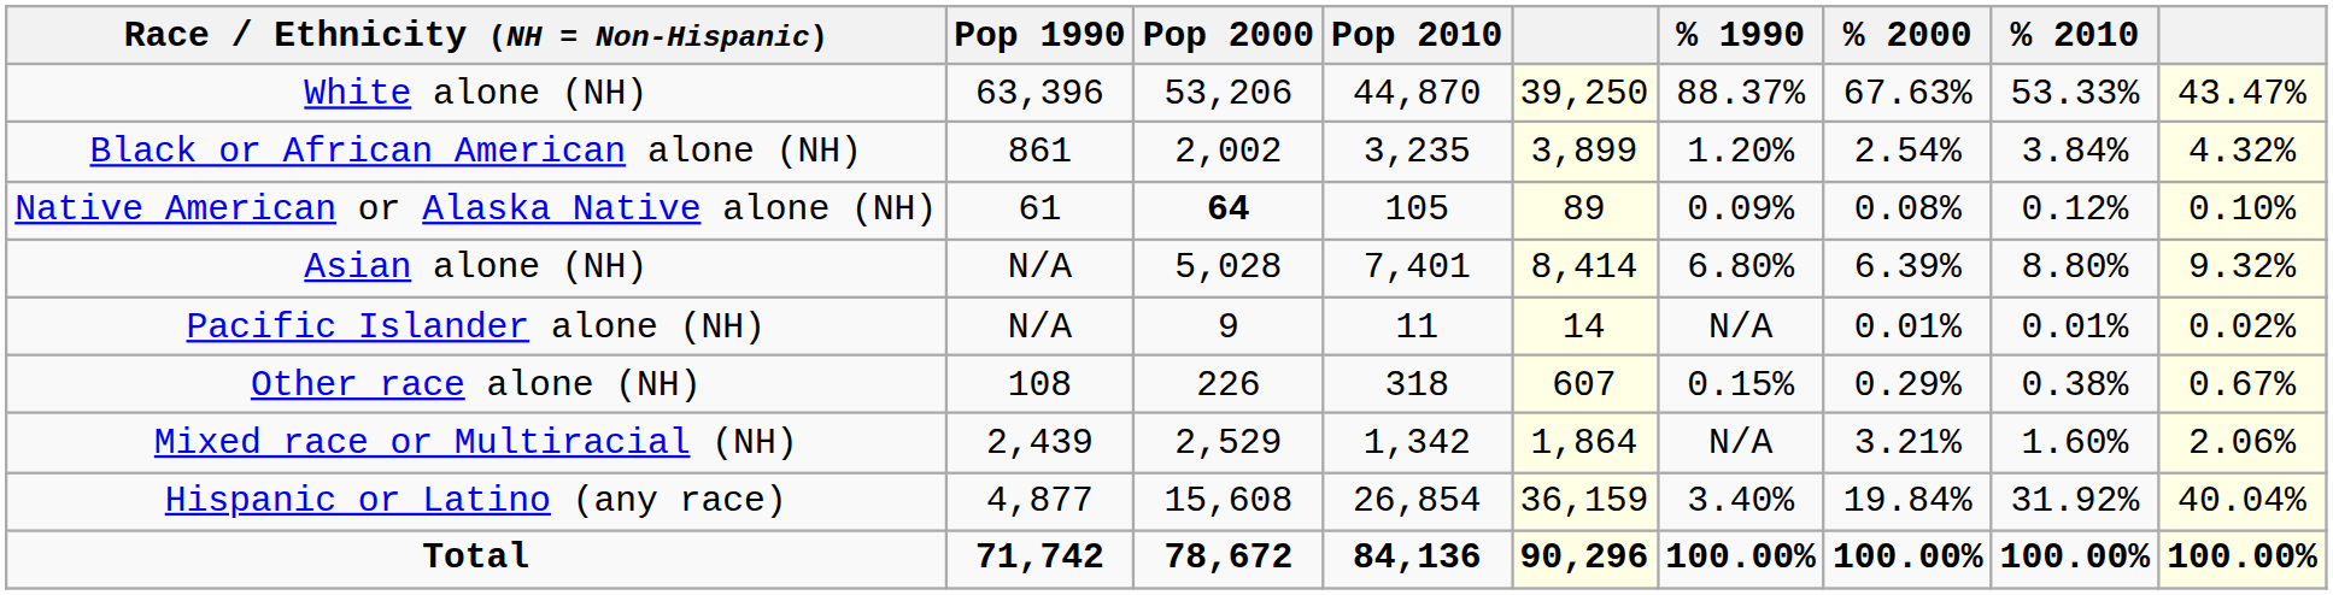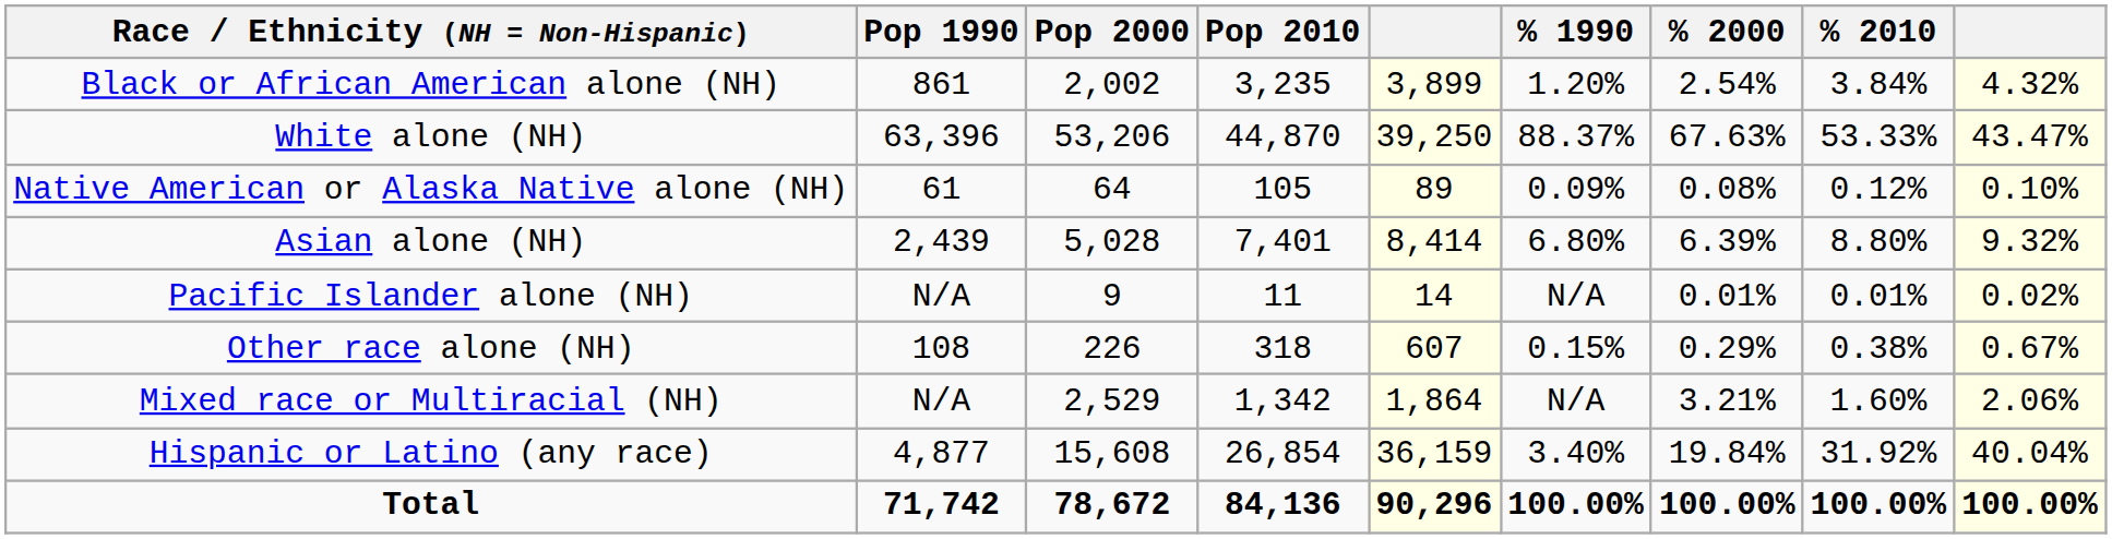 <table class="wikitable" style="text-align:center;">
 <tr>
 <th>Race / Ethnicity <small>(<em>NH = Non-Hispanic</em>)</small></th>
 <th>Pop 1990</th>
 <th>Pop 2000</th>
 <th>Pop 2010</th>
 <th></th>
 <th>% 1990</th>
 <th>% 2000</th>
 <th>% 2010</th>
 <th></th>
 </tr>
 <tr>
+<td><a href='#'>Black or African American</a> alone (NH)</td>
+<td>861</td>
+<td>2,002</td>
+<td>3,235</td>
+<td style='background: #ffffe6;'>3,899</td>
+<td>1.20%</td>
+<td>2.54%</td>
+<td>3.84%</td>
+<td style='background: #ffffe6;'>4.32%</td>
+</tr>
+<tr>
 <td><a href='#'>White</a> alone (NH)</td>
 <td>63,396</td>
 <td>53,206</td>
 <td>44,870</td>
 <td style='background: #ffffe6;'>39,250</td>
 <td>88.37%</td>
 <td>67.63%</td>
 <td>53.33%</td>
 <td style='background: #ffffe6;'>43.47%</td>
 </tr>
 <tr>
-<td><a href='#'>Black or African American</a> alone (NH)</td>
-<td>861</td>
-<td>2,002</td>
-<td>3,235</td>
-<td style='background: #ffffe6;'>3,899</td>
-<td>1.20%</td>
-<td>2.54%</td>
-<td>3.84%</td>
-<td style='background: #ffffe6;'>4.32%</td>
-</tr>
-<tr>
 <td><a href='#'>Native American</a> or <a href='#'>Alaska Native</a> alone (NH)</td>
 <td>61</td>
-<td><strong>64</strong></td>
+<td>64</td>
 <td>105</td>
 <td style='background: #ffffe6;'>89</td>
 <td>0.09%</td>
 <td>0.08%</td>
 <td>0.12%</td>
 <td style='background: #ffffe6;'>0.10%</td>
 </tr>
 <tr>
 <td><a href='#'>Asian</a> alone (NH)</td>
-<td>N/A</td>
+<td>2,439</td>
 <td>5,028</td>
 <td>7,401</td>
 <td style='background: #ffffe6;'>8,414</td>
 <td>6.80%</td>
 <td>6.39%</td>
 <td>8.80%</td>
 <td style='background: #ffffe6;'>9.32%</td>
 </tr>
 <tr>
 <td><a href='#'>Pacific Islander</a> alone (NH)</td>
 <td>N/A</td>
 <td>9</td>
 <td>11</td>
 <td style='background: #ffffe6;'>14</td>
 <td>N/A</td>
 <td>0.01%</td>
 <td>0.01%</td>
 <td style='background: #ffffe6;'>0.02%</td>
 </tr>
 <tr>
 <td><a href='#'>Other race</a> alone (NH)</td>
 <td>108</td>
 <td>226</td>
 <td>318</td>
 <td style='background: #ffffe6;'>607</td>
 <td>0.15%</td>
 <td>0.29%</td>
 <td>0.38%</td>
 <td style='background: #ffffe6;'>0.67%</td>
 </tr>
 <tr>
 <td><a href='#'>Mixed race or Multiracial</a> (NH)</td>
-<td>2,439</td>
+<td>N/A</td>
 <td>2,529</td>
 <td>1,342</td>
 <td style='background: #ffffe6;'>1,864</td>
 <td>N/A</td>
 <td>3.21%</td>
 <td>1.60%</td>
 <td style='background: #ffffe6;'>2.06%</td>
 </tr>
 <tr>
 <td><a href='#'>Hispanic or Latino</a> (any race)</td>
 <td>4,877</td>
 <td>15,608</td>
 <td>26,854</td>
 <td style='background: #ffffe6;'>36,159</td>
 <td>3.40%</td>
 <td>19.84%</td>
 <td>31.92%</td>
 <td style='background: #ffffe6;'>40.04%</td>
 </tr>
 <tr>
 <td><strong>Total</strong></td>
 <td><strong>71,742</strong></td>
 <td><strong>78,672</strong></td>
 <td><strong>84,136</strong></td>
 <td style='background: #ffffe6;'><strong>90,296</strong></td>
 <td><strong>100.00%</strong></td>
 <td><strong>100.00%</strong></td>
 <td><strong>100.00%</strong></td>
 <td style='background: #ffffe6;'><strong>100.00%</strong></td>
 </tr>
 </table>
